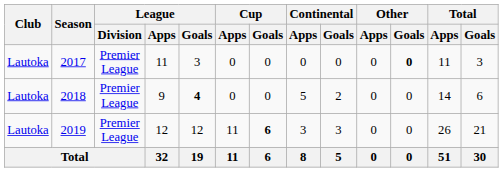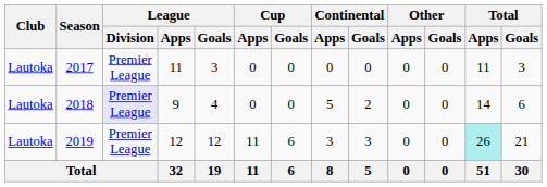 <table class="wikitable" style="text-align: center;">
 <tr>
 <th rowspan="2">Club</th>
 <th rowspan="2">Season</th>
 <th colspan="3">League</th>
 <th colspan="2">Cup</th>
 <th colspan="2">Continental</th>
 <th colspan="2">Other</th>
 <th colspan="2">Total</th>
 </tr>
 <tr>
 <th>Division</th>
 <th>Apps</th>
 <th>Goals</th>
 <th>Apps</th>
 <th>Goals</th>
 <th>Apps</th>
 <th>Goals</th>
 <th>Apps</th>
 <th>Goals</th>
 <th>Apps</th>
 <th>Goals</th>
 </tr>
 <tr>
 <td rowspan="1"><a href='#'>Lautoka</a></td>
 <td><a href='#'>2017</a></td>
 <td rowspan="1"><a href='#'>Premier League</a></td>
 <td>11</td>
 <td>3</td>
 <td>0</td>
 <td>0</td>
 <td>0</td>
 <td>0</td>
 <td>0</td>
-<td><strong>0</strong></td>
+<td>0</td>
 <td>11</td>
 <td>3</td>
 </tr>
 <tr>
 <td rowspan="1"><a href='#'>Lautoka</a></td>
 <td><a href='#'>2018</a></td>
-<td rowspan="1"><a href='#'>Premier League</a></td>
+<td rowspan="1" style="background: lavender;"><a href='#'>Premier League</a></td>
 <td>9</td>
-<td><strong>4</strong></td>
+<td>4</td>
 <td>0</td>
 <td>0</td>
 <td>5</td>
 <td>2</td>
 <td>0</td>
 <td>0</td>
 <td>14</td>
 <td>6</td>
 </tr>
 <tr>
 <td rowspan="1"><a href='#'>Lautoka</a></td>
 <td><a href='#'>2019</a></td>
 <td rowspan="1"><a href='#'>Premier League</a></td>
 <td>12</td>
 <td>12</td>
 <td>11</td>
-<td><strong>6</strong></td>
+<td>6</td>
 <td>3</td>
 <td>3</td>
 <td>0</td>
 <td>0</td>
-<td>26</td>
+<td style="background: paleturquoise;">26</td>
 <td>21</td>
 </tr>
 <tr>
 <th colspan="3">Total</th>
 <th>32</th>
 <th>19</th>
 <th>11</th>
 <th>6</th>
 <th>8</th>
 <th>5</th>
 <th>0</th>
 <th>0</th>
 <th>51</th>
 <th>30</th>
 </tr>
 </table>
